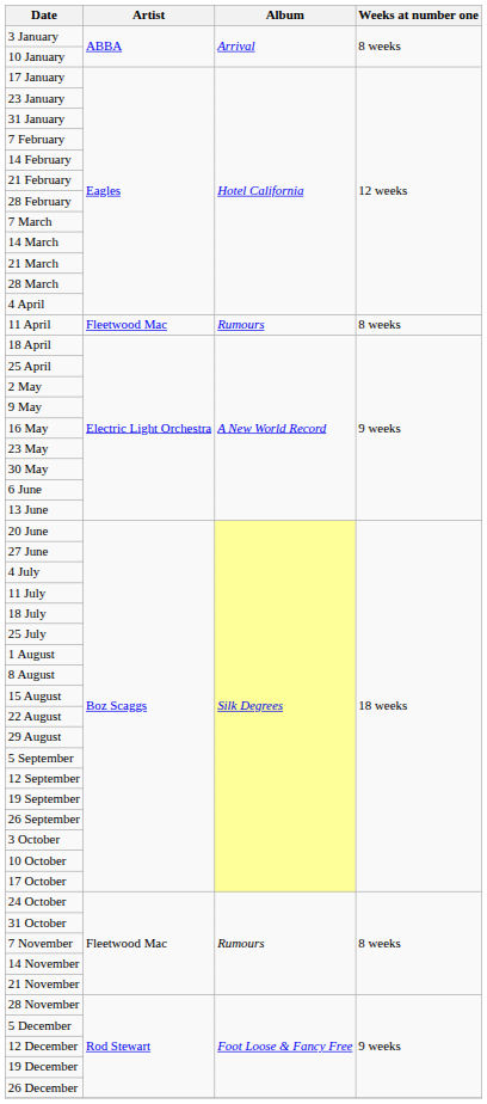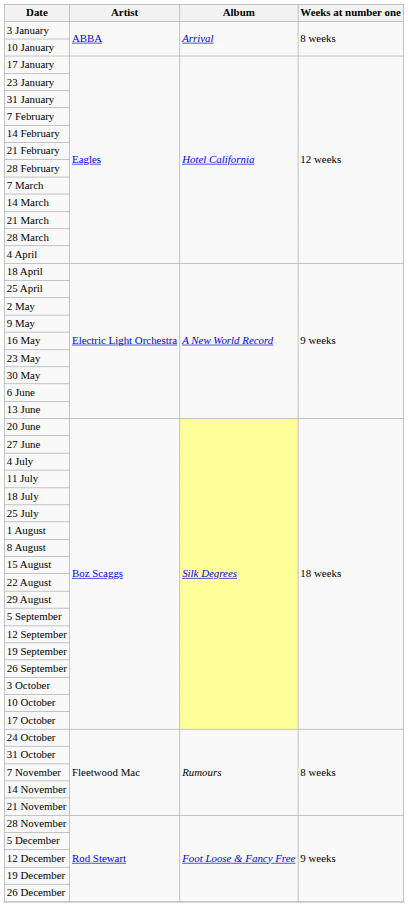 <table class="wikitable">
 <tr>
 <th>Date</th>
 <th>Artist</th>
 <th>Album</th>
 <th>Weeks at number one</th>
 </tr>
 <tr>
 <td>3 January</td>
 <td rowspan="2"><a href='#'>ABBA</a></td>
 <td rowspan="2"><em><a href='#'>Arrival</a></em></td>
 <td rowspan="2">8 weeks</td>
 </tr>
 <tr>
 <td>10 January</td>
 </tr>
 <tr>
 <td>17 January</td>
 <td rowspan="12"><a href='#'>Eagles</a></td>
 <td rowspan="12"><em><a href='#'>Hotel California</a></em></td>
 <td rowspan="12">12 weeks</td>
 </tr>
 <tr>
 <td>23 January</td>
 </tr>
 <tr>
 <td>31 January</td>
 </tr>
 <tr>
 <td>7 February</td>
 </tr>
 <tr>
 <td>14 February</td>
 </tr>
 <tr>
 <td>21 February</td>
 </tr>
 <tr>
 <td>28 February</td>
 </tr>
 <tr>
 <td>7 March</td>
 </tr>
 <tr>
 <td>14 March</td>
 </tr>
 <tr>
 <td>21 March</td>
 </tr>
 <tr>
 <td>28 March</td>
 </tr>
 <tr>
 <td>4 April</td>
-</tr>
-<tr>
-<td>11 April</td>
-<td><a href='#'>Fleetwood Mac</a></td>
-<td><em><a href='#'>Rumours</a></em></td>
-<td>8 weeks</td>
 </tr>
 <tr>
 <td>18 April</td>
 <td rowspan="9"><a href='#'>Electric Light Orchestra</a></td>
 <td rowspan="9"><em><a href='#'>A New World Record</a></em></td>
 <td rowspan="9">9 weeks</td>
 </tr>
 <tr>
 <td>25 April</td>
 </tr>
 <tr>
 <td>2 May</td>
 </tr>
 <tr>
 <td>9 May</td>
 </tr>
 <tr>
 <td>16 May</td>
 </tr>
 <tr>
 <td>23 May</td>
 </tr>
 <tr>
 <td>30 May</td>
 </tr>
 <tr>
 <td>6 June</td>
 </tr>
 <tr>
 <td>13 June</td>
 </tr>
 <tr>
 <td>20 June</td>
 <td rowspan="18"><a href='#'>Boz Scaggs</a></td>
 <td bgcolor=#FFFF99 rowspan="18"><em><a href='#'>Silk Degrees</a></em></td>
 <td rowspan="18">18 weeks</td>
 </tr>
 <tr>
 <td>27 June</td>
 </tr>
 <tr>
 <td>4 July</td>
 </tr>
 <tr>
 <td>11 July</td>
 </tr>
 <tr>
 <td>18 July</td>
 </tr>
 <tr>
 <td>25 July</td>
 </tr>
 <tr>
 <td>1 August</td>
 </tr>
 <tr>
 <td>8 August</td>
 </tr>
 <tr>
 <td>15 August</td>
 </tr>
 <tr>
 <td>22 August</td>
 </tr>
 <tr>
 <td>29 August</td>
 </tr>
 <tr>
 <td>5 September</td>
 </tr>
 <tr>
 <td>12 September</td>
 </tr>
 <tr>
 <td>19 September</td>
 </tr>
 <tr>
 <td>26 September</td>
 </tr>
 <tr>
 <td>3 October</td>
 </tr>
 <tr>
 <td>10 October</td>
 </tr>
 <tr>
 <td>17 October</td>
 </tr>
 <tr>
 <td>24 October</td>
 <td rowspan="5">Fleetwood Mac</td>
 <td rowspan="5"><em>Rumours</em></td>
 <td rowspan="5">8 weeks</td>
 </tr>
 <tr>
 <td>31 October</td>
 </tr>
 <tr>
 <td>7 November</td>
 </tr>
 <tr>
 <td>14 November</td>
 </tr>
 <tr>
 <td>21 November</td>
 </tr>
 <tr>
 <td>28 November</td>
 <td rowspan="5"><a href='#'>Rod Stewart</a></td>
 <td rowspan="5"><em><a href='#'>Foot Loose & Fancy Free</a></em></td>
 <td rowspan="5">9 weeks</td>
 </tr>
 <tr>
 <td>5 December</td>
 </tr>
 <tr>
 <td>12 December</td>
 </tr>
 <tr>
 <td>19 December</td>
 </tr>
 <tr>
 <td>26 December</td>
 </tr>
 <tr>
 </tr>
 </table>
